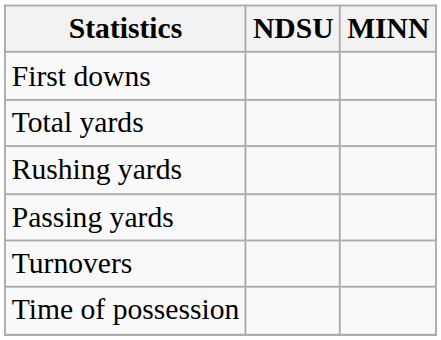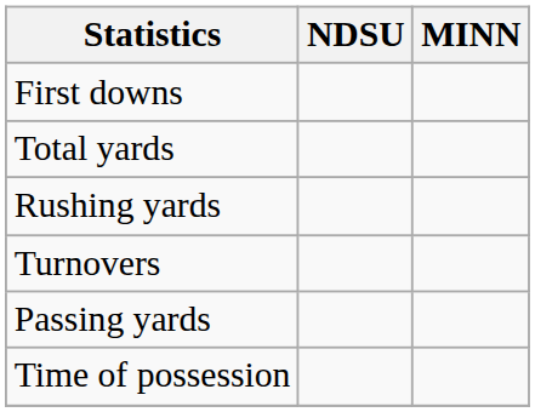 <table class="wikitable" style="float: left;">
 <tr>
 <th>Statistics</th>
 <th>NDSU</th>
 <th>MINN</th>
 </tr>
 <tr>
 <td>First downs</td>
 <td></td>
 <td></td>
 </tr>
 <tr>
 <td>Total yards</td>
 <td></td>
 <td></td>
 </tr>
 <tr>
 <td>Rushing yards</td>
 <td></td>
 <td></td>
 </tr>
 <tr>
-<td>Passing yards</td>
+<td>Turnovers</td>
 <td></td>
 <td></td>
 </tr>
 <tr>
-<td>Turnovers</td>
+<td>Passing yards</td>
 <td></td>
 <td></td>
 </tr>
 <tr>
 <td>Time of possession</td>
 <td></td>
 <td></td>
 </tr>
 <tr>
 </tr>
 </table>
